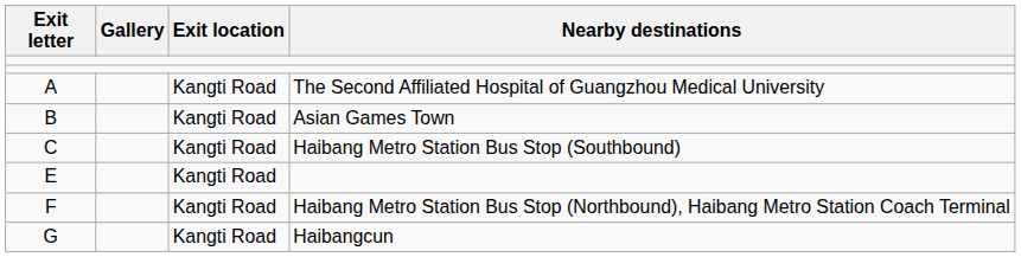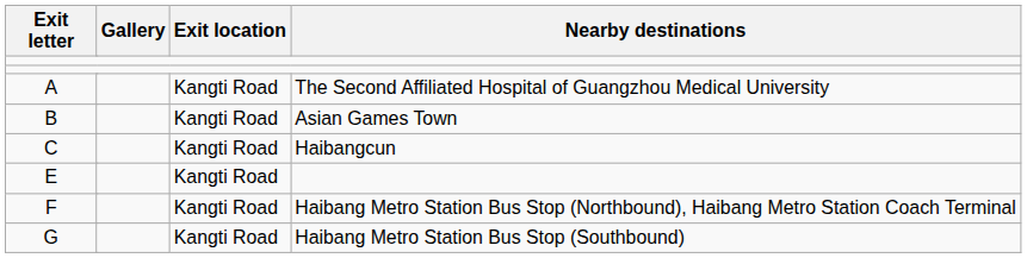 <table class="wikitable">
 <tr>
 <th style="width:70px" colspan="2">Exit letter</th>
 <th>Gallery</th>
 <th>Exit location</th>
 <th>Nearby destinations</th>
 </tr>
 <tr style="background:#">
 <td colspan = "6"></td>
 </tr>
 <tr style="background:#">
 <td colspan = "6"></td>
 </tr>
 <tr>
 <td align="center" colspan="2">A</td>
 <td></td>
 <td>Kangti Road</td>
 <td>The Second Affiliated Hospital of Guangzhou Medical University</td>
 </tr>
 <tr>
 <td align="center" colspan="2">B</td>
 <td></td>
 <td>Kangti Road</td>
 <td>Asian Games Town</td>
 </tr>
 <tr>
 <td align="center" colspan="2">C</td>
 <td></td>
 <td>Kangti Road</td>
-<td>Haibang Metro Station Bus Stop (Southbound)</td>
+<td>Haibangcun</td>
 </tr>
 <tr>
 <td align="center" colspan="2">E</td>
 <td></td>
 <td>Kangti Road</td>
 <td></td>
 </tr>
 <tr>
 <td align="center" colspan="2">F</td>
 <td></td>
 <td>Kangti Road</td>
 <td>Haibang Metro Station Bus Stop (Northbound), Haibang Metro Station Coach Terminal</td>
 </tr>
 <tr>
 <td align="center" colspan="2">G</td>
 <td></td>
 <td>Kangti Road</td>
-<td>Haibangcun</td>
+<td>Haibang Metro Station Bus Stop (Southbound)</td>
 </tr>
 </table>
